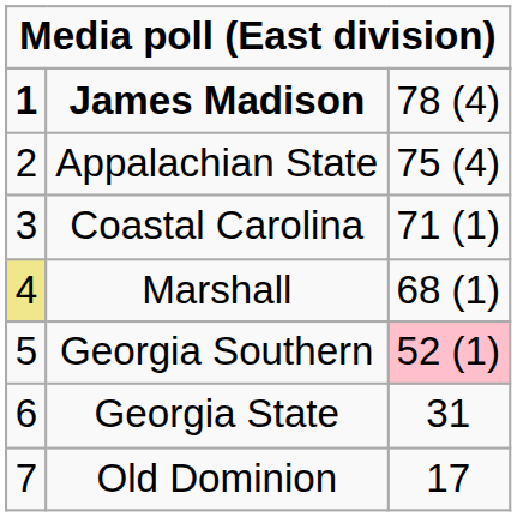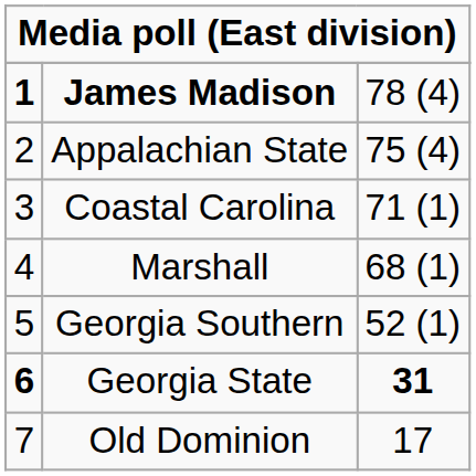 <table class="wikitable" style="display: inline-table;">
 <tr>
 <td align="center" Colspan="3"><strong>Media poll (East division)</strong></td>
 </tr>
 <tr align="center">
 </tr>
 <tr align="center">
 <td><strong>1</strong></td>
 <td><strong>James Madison</strong></td>
 <td>78 (4)</td>
 </tr>
 <tr align="center">
 <td>2</td>
 <td>Appalachian State</td>
 <td>75 (4)</td>
 </tr>
 <tr align="center">
 <td>3</td>
 <td>Coastal Carolina</td>
 <td>71 (1)</td>
 </tr>
 <tr align="center">
-<td style="background: khaki;">4</td>
+<td>4</td>
 <td>Marshall</td>
 <td>68 (1)</td>
 </tr>
 <tr align="center">
 <td>5</td>
 <td>Georgia Southern</td>
-<td style="background: pink;">52 (1)</td>
+<td>52 (1)</td>
 </tr>
 <tr align="center">
-<td>6</td>
+<td><strong>6</strong></td>
 <td>Georgia State</td>
-<td>31</td>
+<td><strong>31</strong></td>
 </tr>
 <tr align="center">
 <td>7</td>
 <td>Old Dominion</td>
 <td>17</td>
 </tr>
 </table>
